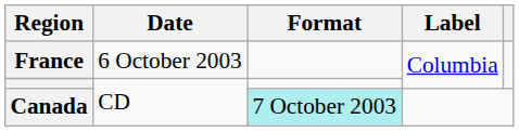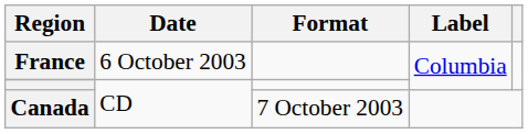 <table class="wikitable plainrowheaders">
 <tr>
 <th scope="col">Region</th>
 <th scope="col">Date</th>
 <th scope="col">Format</th>
 <th scope="col">Label</th>
 <th scope="col"></th>
 </tr>
 <tr>
 <th scope="row">France</th>
 <td rowspan="2">6 October 2003</td>
 <td></td>
 <td rowspan="3"><a href='#'>Columbia</a></td>
 <td rowspan="3"></td>
 </tr>
 <tr>
 </tr>
 <tr>
 <th scope="row"></th>
 <td rowspan="2">CD</td>
 </tr>
 <tr>
 <th scope="row">Canada</th>
-<td style="background: paleturquoise;">7 October 2003</td>
+<td>7 October 2003</td>
 </tr>
 </table>
